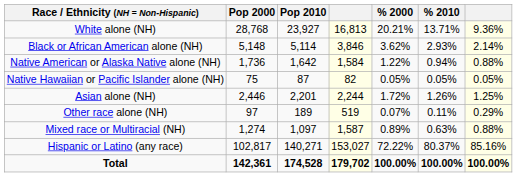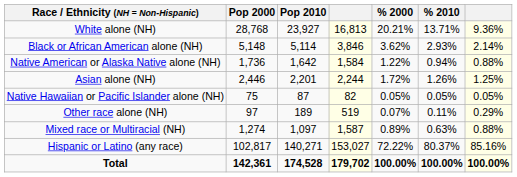 <table class="wikitable" style="text-align:center;">
 <tr>
 <th>Race / Ethnicity <small>(<em>NH = Non-Hispanic</em>)</small></th>
 <th>Pop 2000</th>
 <th>Pop 2010</th>
 <th></th>
 <th>% 2000</th>
 <th>% 2010</th>
 <th></th>
 </tr>
 <tr>
 <td><a href='#'>White</a> alone (NH)</td>
 <td>28,768</td>
 <td>23,927</td>
 <td style='background: #ffffe6;'>16,813</td>
 <td>20.21%</td>
 <td>13.71%</td>
 <td style='background: #ffffe6;'>9.36%</td>
 </tr>
 <tr>
 <td><a href='#'>Black or African American</a> alone (NH)</td>
 <td>5,148</td>
 <td>5,114</td>
 <td style='background: #ffffe6;'>3,846</td>
 <td>3.62%</td>
 <td>2.93%</td>
 <td style='background: #ffffe6;'>2.14%</td>
 </tr>
 <tr>
 <td><a href='#'>Native American</a> or <a href='#'>Alaska Native</a> alone (NH)</td>
 <td>1,736</td>
 <td>1,642</td>
 <td style='background: #ffffe6;'>1,584</td>
 <td>1.22%</td>
 <td>0.94%</td>
 <td style='background: #ffffe6;'>0.88%</td>
 </tr>
 <tr>
+<td><a href='#'>Asian</a> alone (NH)</td>
+<td>2,446</td>
+<td>2,201</td>
+<td style='background: #ffffe6;'>2,244</td>
+<td>1.72%</td>
+<td>1.26%</td>
+<td style='background: #ffffe6;'>1.25%</td>
+</tr>
+<tr>
 <td><a href='#'>Native Hawaiian</a> or <a href='#'>Pacific Islander</a> alone (NH)</td>
 <td>75</td>
 <td>87</td>
 <td style='background: #ffffe6;'>82</td>
 <td>0.05%</td>
 <td>0.05%</td>
 <td style='background: #ffffe6;'>0.05%</td>
-</tr>
-<tr>
-<td><a href='#'>Asian</a> alone (NH)</td>
-<td>2,446</td>
-<td>2,201</td>
-<td style='background: #ffffe6;'>2,244</td>
-<td>1.72%</td>
-<td>1.26%</td>
-<td style='background: #ffffe6;'>1.25%</td>
 </tr>
 <tr>
 <td><a href='#'>Other race</a> alone (NH)</td>
 <td>97</td>
 <td>189</td>
 <td style='background: #ffffe6;'>519</td>
 <td>0.07%</td>
 <td>0.11%</td>
 <td style='background: #ffffe6;'>0.29%</td>
 </tr>
 <tr>
 <td><a href='#'>Mixed race or Multiracial</a> (NH)</td>
 <td>1,274</td>
 <td>1,097</td>
 <td style='background: #ffffe6;'>1,587</td>
 <td>0.89%</td>
 <td>0.63%</td>
 <td style='background: #ffffe6;'>0.88%</td>
 </tr>
 <tr>
 <td><a href='#'>Hispanic or Latino</a> (any race)</td>
 <td>102,817</td>
 <td>140,271</td>
 <td style='background: #ffffe6;'>153,027</td>
 <td>72.22%</td>
 <td>80.37%</td>
 <td style='background: #ffffe6;'>85.16%</td>
 </tr>
 <tr>
 <td><strong>Total</strong></td>
 <td><strong>142,361</strong></td>
 <td><strong>174,528</strong></td>
 <td style='background: #ffffe6;'><strong>179,702</strong></td>
 <td><strong>100.00%</strong></td>
 <td><strong>100.00%</strong></td>
 <td style='background: #ffffe6;'><strong>100.00%</strong></td>
 </tr>
 </table>
